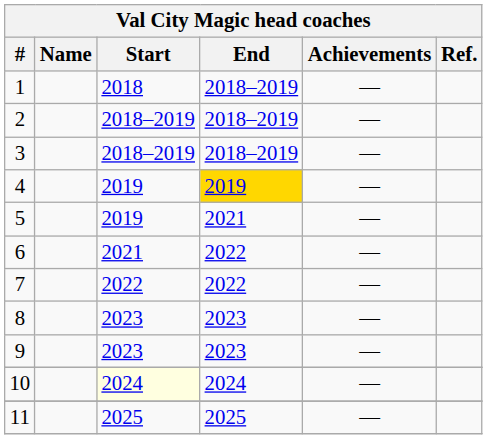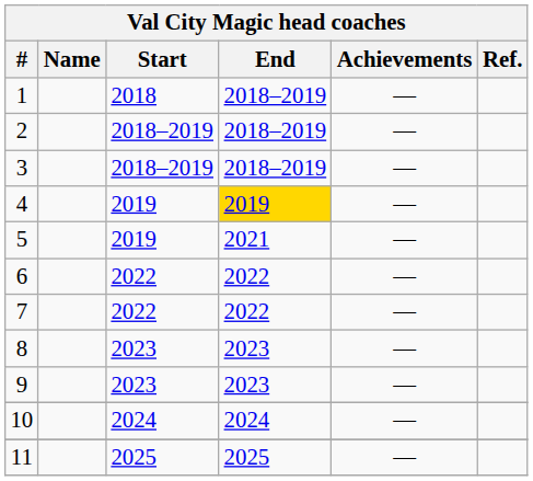 <table class="wikitable sortable">
 <tr>
 <th colspan="6">Val City Magic head coaches</th>
 </tr>
 <tr>
 <th>#</th>
 <th>Name</th>
 <th>Start</th>
 <th>End</th>
 <th>Achievements</th>
 <th>Ref.</th>
 </tr>
 <tr>
 <td align=center>1</td>
 <td></td>
 <td><a href='#'>2018</a></td>
 <td><a href='#'>2018–2019</a></td>
 <td align=center>—</td>
 <td></td>
 </tr>
 <tr>
 <td align=center>2</td>
 <td></td>
 <td><a href='#'>2018–2019</a></td>
 <td><a href='#'>2018–2019</a></td>
 <td align=center>—</td>
 <td></td>
 </tr>
 <tr>
 <td align=center>3</td>
 <td></td>
 <td><a href='#'>2018–2019</a></td>
 <td><a href='#'>2018–2019</a></td>
 <td align=center>—</td>
 <td></td>
 </tr>
 <tr>
 <td align=center>4</td>
 <td></td>
 <td><a href='#'>2019</a></td>
 <td style="background: gold;"><a href='#'>2019</a></td>
 <td align=center>—</td>
 <td></td>
 </tr>
 <tr>
 <td align=center>5</td>
 <td></td>
 <td><a href='#'>2019</a></td>
 <td><a href='#'>2021</a></td>
 <td align=center>—</td>
 <td></td>
 </tr>
 <tr>
 <td align=center>6</td>
 <td></td>
-<td><a href='#'>2021</a></td>
+<td><a href='#'>2022</a></td>
 <td><a href='#'>2022</a></td>
 <td align=center>—</td>
 <td></td>
 </tr>
 <tr>
 <td align=center>7</td>
 <td></td>
 <td><a href='#'>2022</a></td>
 <td><a href='#'>2022</a></td>
 <td align=center>—</td>
 <td></td>
 </tr>
 <tr>
 <td align=center>8</td>
 <td></td>
 <td><a href='#'>2023</a></td>
 <td><a href='#'>2023</a></td>
 <td align=center>—</td>
 <td></td>
 </tr>
 <tr>
 <td align=center>9</td>
 <td></td>
 <td><a href='#'>2023</a></td>
 <td><a href='#'>2023</a></td>
 <td align=center>—</td>
 <td></td>
 </tr>
 <tr>
 </tr>
 <tr>
 <td align=center>10</td>
 <td></td>
-<td style="background: lightyellow;"><a href='#'>2024</a></td>
+<td><a href='#'>2024</a></td>
 <td><a href='#'>2024</a></td>
 <td align=center>—</td>
 <td></td>
 </tr>
 <tr>
 </tr>
 <tr>
 <td align=center>11</td>
 <td></td>
 <td><a href='#'>2025</a></td>
 <td><a href='#'>2025</a></td>
 <td align=center>—</td>
 <td></td>
 </tr>
 <tr>
 </tr>
 </table>
